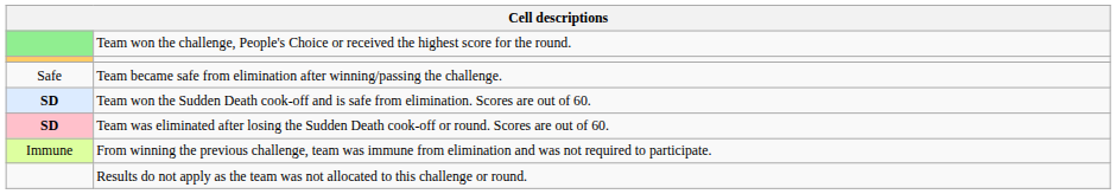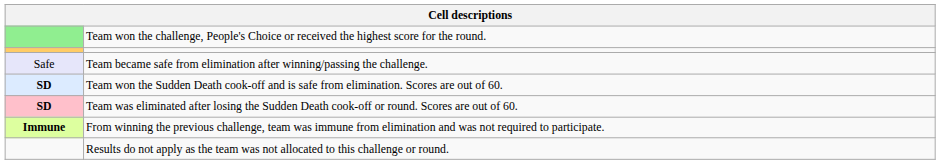 <table class="wikitable" style="margin: auto; text-align: left; font-size: 9pt; line-height:16px; width:60%">
 <tr>
 <th colspan="2">Cell descriptions</th>
 </tr>
 <tr>
 <td style="background:lightgreen; text-align:center"></td>
 <td>Team won the challenge, People's Choice or received the highest score for the round.</td>
 </tr>
 <tr>
 <td style="text-align:center; background:#FFCC66"></td>
 <td></td>
 </tr>
 <tr>
-<td style="text-align:center">Safe</td>
+<td style="background: lavender; text-align:center">Safe</td>
 <td>Team became safe from elimination after winning/passing the challenge.</td>
 </tr>
 <tr>
 <td style="text-align:center; background:#DCEBFF;"><strong>SD</strong></td>
 <td>Team won the Sudden Death cook-off and is safe from elimination. Scores are out of 60.</td>
 </tr>
 <tr>
 <td style="text-align:center; background:pink;"><strong>SD</strong></td>
 <td>Team was eliminated after losing the Sudden Death cook-off or round. Scores are out of 60.</td>
 </tr>
 <tr>
-<td style="text-align:center" bgcolor="DDFF9F">Immune</td>
+<td style="text-align:center" bgcolor="DDFF9F"><strong>Immune</strong></td>
 <td>From winning the previous challenge, team was immune from elimination and was not required to participate.</td>
 </tr>
 <tr>
 <td></td>
 <td>Results do not apply as the team was not allocated to this challenge or round.</td>
 </tr>
 </table>
